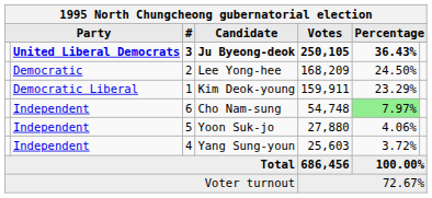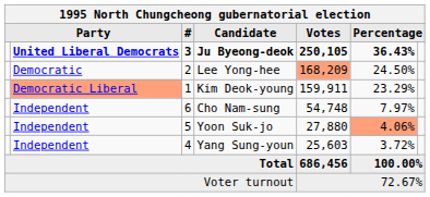 <table class="wikitable">
 <tr>
 <th colspan="7">1995 North Chungcheong gubernatorial election</th>
 </tr>
 <tr>
 <th style="background-color:#E9E9E9" colspan=2>Party</th>
 <th style="background-color:#E9E9E9">#</th>
 <th style="background-color:#E9E9E9">Candidate</th>
 <th style="background-color:#E9E9E9">Votes</th>
 <th style="background-color:#E9E9E9" colspan=2>Percentage</th>
 </tr>
 <tr style="font-weight:bold">
 <td></td>
 <td align=left><a href='#'>United Liberal Democrats</a></td>
 <td align=center>3</td>
 <td align=left>Ju Byeong-deok</td>
 <td align=right>250,105</td>
 <td align=right>36.43%</td>
 <td align=right></td>
 </tr>
 <tr>
 <td></td>
 <td align=left><a href='#'>Democratic</a></td>
 <td align=center>2</td>
 <td align=left>Lee Yong-hee</td>
-<td align=right>168,209</td>
+<td align=right style="background: lightsalmon;">168,209</td>
 <td align=right>24.50%</td>
 <td align=right></td>
 </tr>
 <tr>
 <td></td>
-<td align=left><a href='#'>Democratic Liberal</a></td>
+<td align=left style="background: lightsalmon;"><a href='#'>Democratic Liberal</a></td>
 <td align=center>1</td>
 <td align=left>Kim Deok-young</td>
 <td align=right>159,911</td>
 <td align=right>23.29%</td>
 <td align=right></td>
 </tr>
 <tr>
 <td></td>
 <td align=left><a href='#'>Independent</a></td>
 <td align=center>6</td>
 <td align=left>Cho Nam-sung</td>
 <td align=right>54,748</td>
-<td align=right style="background: lightgreen;">7.97%</td>
+<td align=right>7.97%</td>
 <td align=right></td>
 </tr>
 <tr>
 <td></td>
 <td align=left><a href='#'>Independent</a></td>
 <td align=center>5</td>
 <td align=left>Yoon Suk-jo</td>
 <td align=right>27,880</td>
-<td align=right>4.06%</td>
+<td align=right style="background: lightsalmon;">4.06%</td>
 <td align=right></td>
 </tr>
 <tr>
 <td></td>
 <td align=left><a href='#'>Independent</a></td>
 <td align=center>4</td>
 <td align=left>Yang Sung-youn</td>
 <td align=right>25,603</td>
 <td align=right>3.72%</td>
 <td align=right></td>
 </tr>
 <tr bgcolor="#EEEEEE" style="font-weight:bold">
 <td colspan="4" align=right>Total</td>
 <td align=right>686,456</td>
 <td align=right colspan=2>100.00%</td>
 </tr>
 <tr bgcolor="#EEEEEE">
 <td colspan="4" align="right">Voter turnout</td>
 <td colspan="3" align="right">72.67%</td>
 </tr>
 </table>
